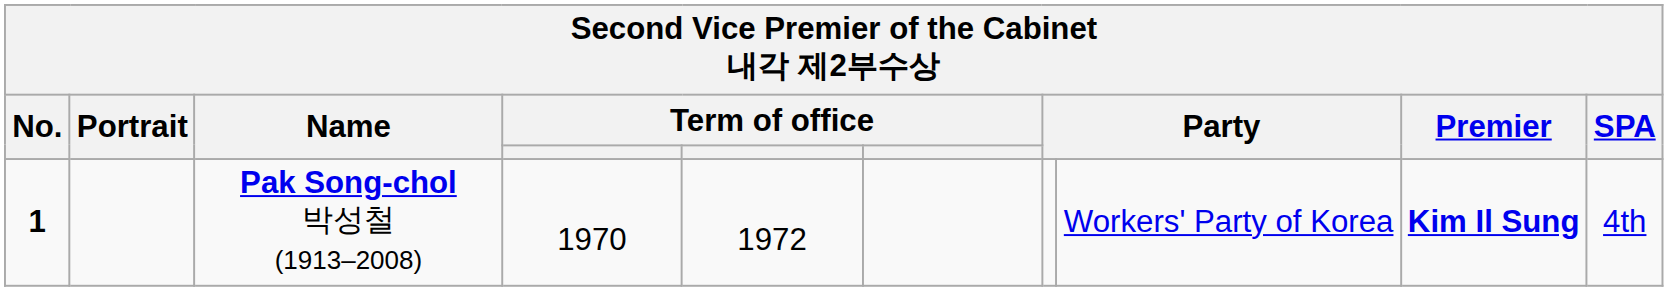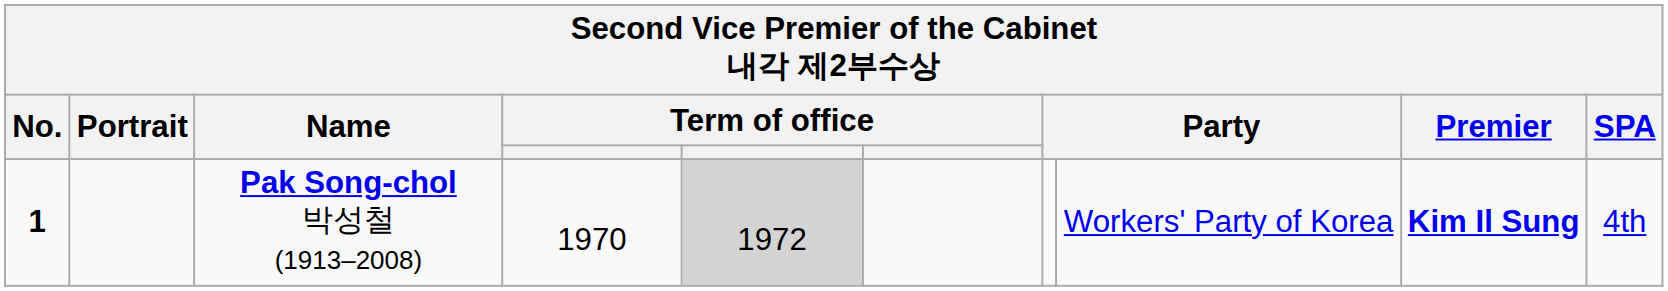 <table class="wikitable" style="text-align:center;">
 <tr>
 <th colspan="10"><strong>Second Vice Premier of the Cabinet</strong><br><strong>내각 제2부수상</strong></th>
 </tr>
 <tr>
 <th rowspan="2">No.</th>
 <th rowspan="2">Portrait</th>
 <th rowspan="2" width="150">Name<br></th>
 <th colspan="3">Term of office</th>
 <th colspan="2" rowspan="2">Party</th>
 <th rowspan="2"><a href='#'>Premier</a></th>
 <th rowspan="2"><a href='#'>SPA</a></th>
 </tr>
 <tr>
 <th width="85"></th>
 <th width="85"></th>
 <th width="85"></th>
 </tr>
 <tr>
 <td><strong>1</strong></td>
 <td></td>
 <td><strong><a href='#'>Pak Song-chol</a></strong><br>박성철<br><small>(1913–2008)</small></td>
 <td><br>1970</td>
-<td><br>1972</td>
+<td style="background: lightgrey;"><br>1972</td>
 <td></td>
 <td></td>
 <td><a href='#'>Workers' Party of Korea</a></td>
 <td><strong><a href='#'>Kim Il Sung</a></strong></td>
 <td><a href='#'>4th</a></td>
 </tr>
 </table>
